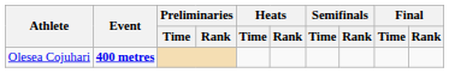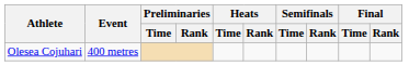 <table class=wikitable style="font-size:90%;">
 <tr>
 <th rowspan="2">Athlete</th>
 <th rowspan="2">Event</th>
 <th colspan="2">Preliminaries</th>
 <th colspan="2">Heats</th>
 <th colspan="2">Semifinals</th>
 <th colspan="2">Final</th>
 </tr>
 <tr>
 <th>Time</th>
 <th>Rank</th>
 <th>Time</th>
 <th>Rank</th>
 <th>Time</th>
 <th>Rank</th>
 <th>Time</th>
 <th>Rank</th>
 </tr>
 <tr style="border-top: single;">
 <td><a href='#'>Olesea Cojuhari</a></td>
-<td><strong><a href='#'>400 metres</a></strong></td>
+<td><a href='#'>400 metres</a></td>
 <td colspan= 2 bgcolor="wheat"></td>
 <td align=center></td>
 <td align=center></td>
 <td align=center></td>
 <td align=center></td>
 <td align=center></td>
 <td align=center></td>
 </tr>
 </table>
